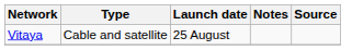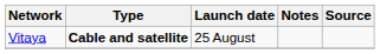 <table class="wikitable sortable">
 <tr>
 <th>Network</th>
 <th>Type</th>
 <th>Launch date</th>
 <th>Notes</th>
 <th>Source</th>
 </tr>
 <tr>
 <td><a href='#'>Vitaya</a></td>
-<td>Cable and satellite</td>
+<td><strong>Cable and satellite</strong></td>
 <td>25 August</td>
 <td></td>
 <td></td>
 </tr>
 <tr>
 </tr>
 </table>
